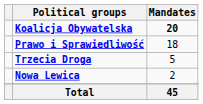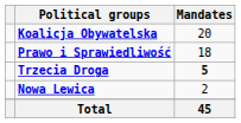 <table class="wikitable">
 <tr>
 <th width=5></th>
 <th>Political groups</th>
 <th>Mandates</th>
 </tr>
 <tr>
 <td style="background:"></td>
 <td><strong><a href='#'>Koalicja Obywatelska</a></strong></td>
-<td align="center"><strong>20</strong></td>
+<td align="center">20</td>
 </tr>
 <tr>
 <td style="background:"></td>
 <td><strong><a href='#'>Prawo i Sprawiedliwość</a></strong></td>
 <td align="center">18</td>
 </tr>
 <tr>
 <td style="background:"></td>
 <td><strong><a href='#'>Trzecia Droga</a></strong></td>
-<td align="center">5</td>
+<td align="center"><strong>5</strong></td>
 </tr>
 <tr>
 <td style="background:"></td>
 <td><strong><a href='#'>Nowa Lewica</a></strong></td>
 <td align="center">2</td>
 </tr>
 <tr>
 </tr>
 <tr bgcolor="#ececec">
 <th></th>
 <th>Total</th>
 <th align="center">45</th>
 </tr>
 </table>
